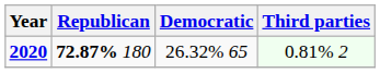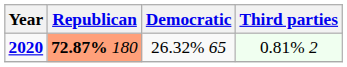 <table class="wikitable" style="float:right; font-size:95%;">
 <tr bgcolor=lightgrey>
 <th>Year</th>
 <th><a href='#'>Republican</a></th>
 <th><a href='#'>Democratic</a></th>
 <th><a href='#'>Third parties</a></th>
 </tr>
 <tr>
 <td style="text-align:center;" ><strong><a href='#'>2020</a></strong></td>
-<td style="text-align:center;" ><strong>72.87%</strong> <em>180</em></td>
+<td style="background: lightsalmon; text-align:center;" ><strong>72.87%</strong> <em>180</em></td>
 <td style="text-align:center;" >26.32% <em>65</em></td>
 <td style="text-align:center; background:honeyDew;">0.81% <em>2</em></td>
 </tr>
 <tr>
 </tr>
 </table>
